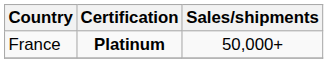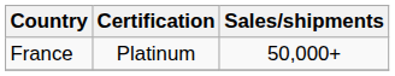 <table class="wikitable">
 <tr>
 <th align="left">Country</th>
 <th align="left">Certification</th>
 <th align="left">Sales/shipments</th>
 </tr>
 <tr>
 <td align="left">France</td>
-<td align="center"><strong>Platinum</strong></td>
+<td align="center">Platinum</td>
 <td align="center">50,000+</td>
 </tr>
 <tr>
 </tr>
 </table>
